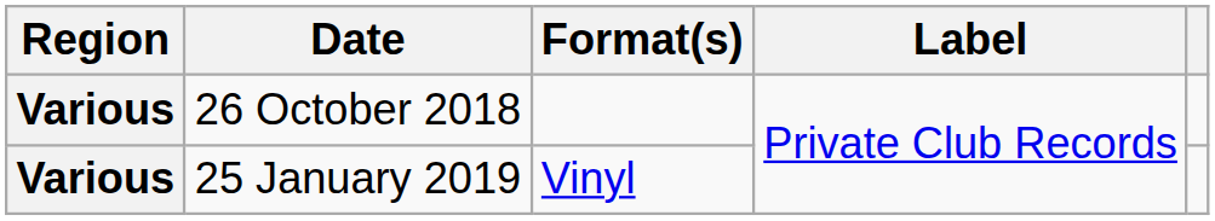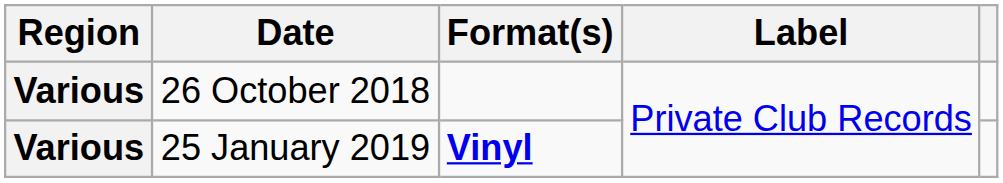 <table class="wikitable plainrowheaders">
 <tr>
 <th scope="col">Region</th>
 <th scope="col">Date</th>
 <th scope="col">Format(s)</th>
 <th scope="col">Label</th>
 <th scope="col"></th>
 </tr>
 <tr>
 <th scope="row">Various</th>
 <td>26 October 2018</td>
 <td></td>
 <td rowspan="2"><a href='#'>Private Club Records</a></td>
 <td></td>
 </tr>
 <tr>
 <th scope="row">Various</th>
 <td>25 January 2019</td>
-<td><a href='#'>Vinyl</a></td>
+<td><strong><a href='#'>Vinyl</a></strong></td>
 <td></td>
 </tr>
 </table>
